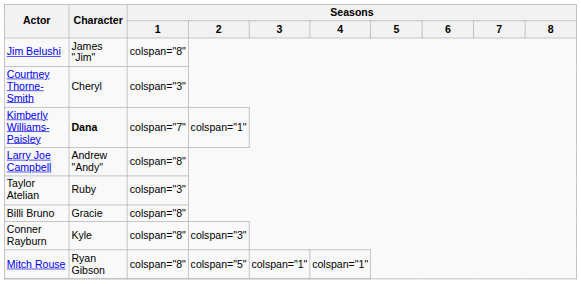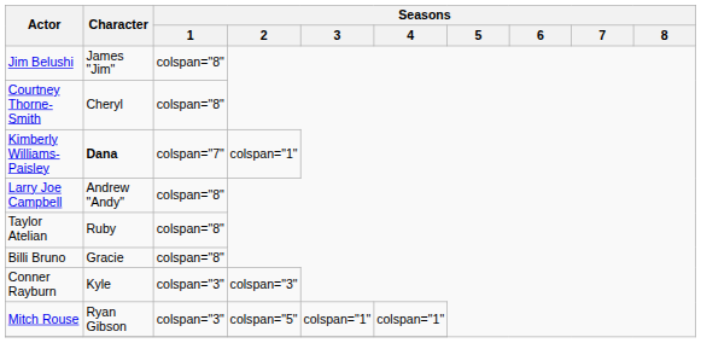 <table class="wikitable plainrowheaders">
 <tr>
 <th rowspan="2">Actor</th>
 <th rowspan="2">Character</th>
 <th colspan="8">Seasons</th>
 </tr>
 <tr>
 <th style="width:9%;">1</th>
 <th style="width:9%;">2</th>
 <th style="width:9%;">3</th>
 <th style="width:9%;">4</th>
 <th style="width:9%;">5</th>
 <th style="width:9%;">6</th>
 <th style="width:9%;">7</th>
 <th style="width:9%;">8</th>
 </tr>
 <tr>
 <td><a href='#'>Jim Belushi</a></td>
 <td>James "Jim"</td>
 <td>colspan="8" </td>
 </tr>
 <tr>
 <td><a href='#'>Courtney Thorne-Smith</a></td>
 <td>Cheryl</td>
-<td>colspan="3" </td>
+<td>colspan="8" </td>
 </tr>
 <tr>
 <td><a href='#'>Kimberly Williams-Paisley</a></td>
 <td><strong>Dana</strong></td>
 <td>colspan="7" </td>
 <td>colspan="1" </td>
 </tr>
 <tr>
 <td><a href='#'>Larry Joe Campbell</a></td>
 <td>Andrew "Andy"</td>
 <td>colspan="8" </td>
 </tr>
 <tr>
 <td>Taylor Atelian</td>
 <td>Ruby</td>
-<td>colspan="3" </td>
+<td>colspan="8" </td>
 </tr>
 <tr>
 <td>Billi Bruno</td>
 <td>Gracie</td>
 <td>colspan="8" </td>
 </tr>
 <tr>
 <td>Conner Rayburn</td>
 <td>Kyle</td>
-<td>colspan="8" </td>
+<td>colspan="3" </td>
 <td>colspan="3" </td>
 </tr>
 <tr>
 <td><a href='#'>Mitch Rouse</a></td>
 <td>Ryan Gibson</td>
-<td>colspan="8" </td>
+<td>colspan="3" </td>
 <td>colspan="5" </td>
 <td>colspan="1" </td>
 <td>colspan="1" </td>
 </tr>
 <tr>
 </tr>
 </table>
